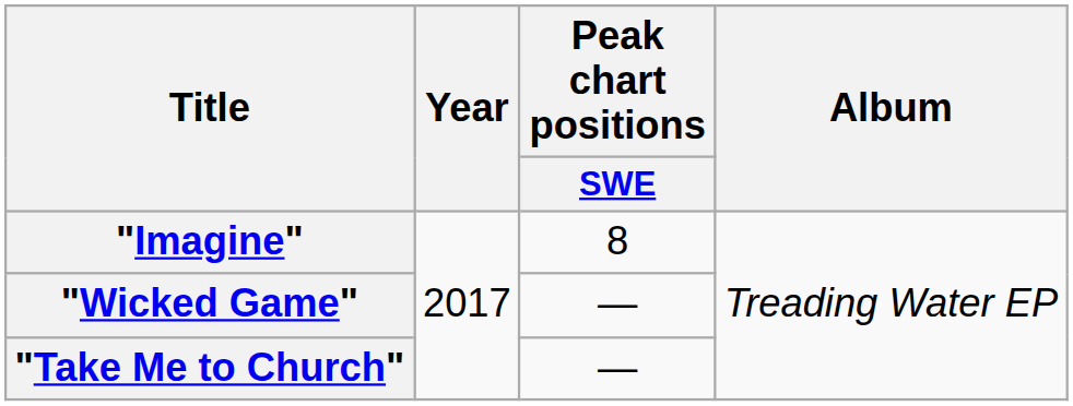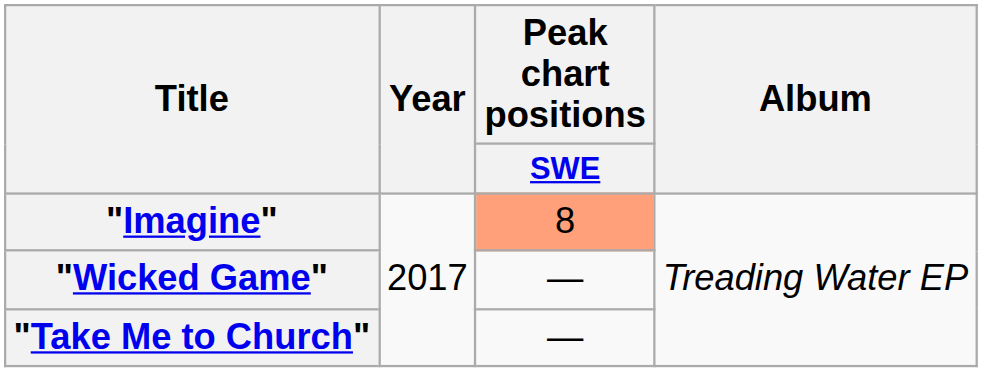 <table class="wikitable plainrowheaders" style="text-align:center;">
 <tr>
 <th scope="col" rowspan="2">Title</th>
 <th scope="col" rowspan="2">Year</th>
 <th scope="col" colspan="1">Peak chart positions</th>
 <th scope="col" rowspan="2">Album</th>
 </tr>
 <tr>
 <th scope="col" style="width:3em;font-size:85%;"><a href='#'>SWE</a><br></th>
 </tr>
 <tr>
 <th scope="row">"<a href='#'>Imagine</a>"</th>
 <td rowspan="3">2017</td>
-<td>8</td>
+<td style="background: lightsalmon;">8</td>
 <td rowspan="3"><em>Treading Water EP</em></td>
 </tr>
 <tr>
 <th scope="row">"<a href='#'>Wicked Game</a>"</th>
 <td>—</td>
 </tr>
 <tr>
 <th scope="row">"<a href='#'>Take Me to Church</a>"</th>
 <td>—</td>
 </tr>
 </table>
